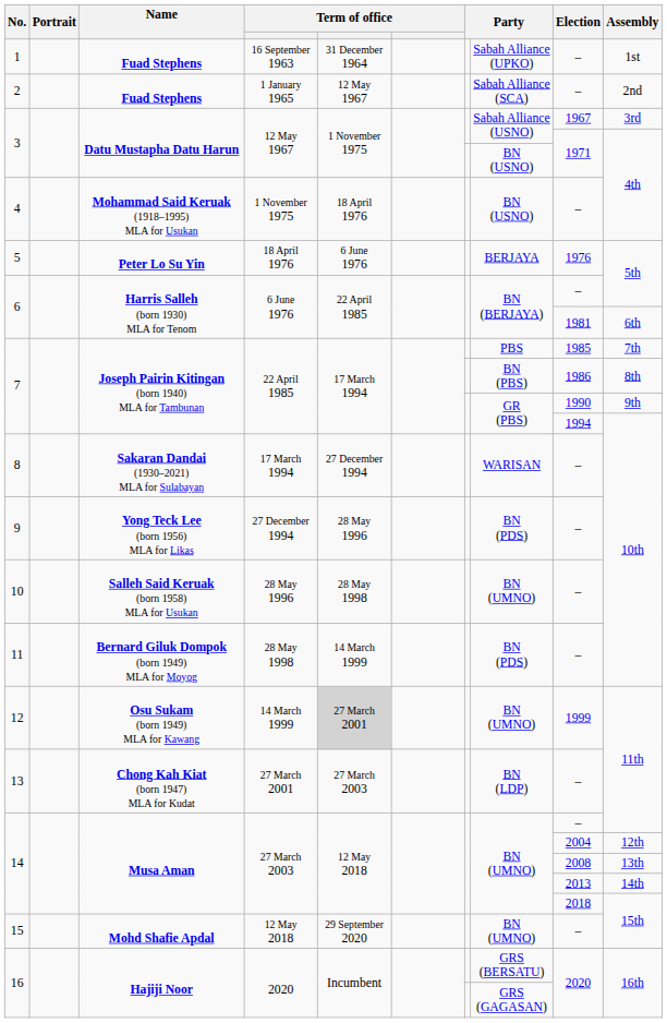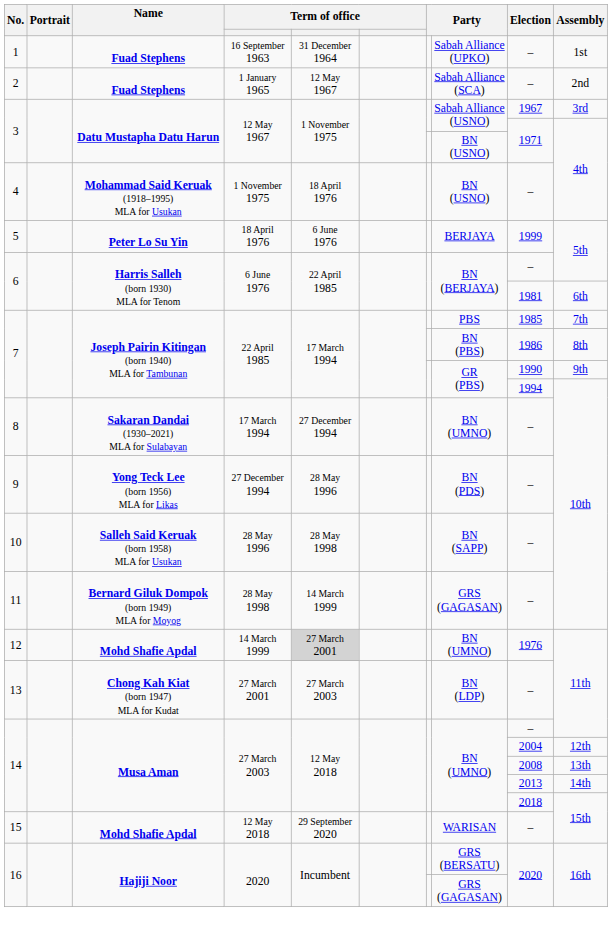 <table class="wikitable" style="text-align:center; border:1px #aaf solid;">
 <tr>
 <th rowspan="2">No.</th>
 <th rowspan="2">Portrait</th>
 <th rowspan="2" width="200">Name<br><br></th>
 <th colspan="3">Term of office</th>
 <th colspan="2" rowspan="2">Party</th>
 <th rowspan="2">Election</th>
 <th rowspan="2">Assembly</th>
 </tr>
 <tr>
 <th width="85"></th>
 <th width="85"></th>
 <th width="85"></th>
 </tr>
 <tr>
 <td>1</td>
 <td></td>
 <td><br><strong><a href='#'>Fuad Stephens</a></strong><br></td>
 <td><small>16 September</small><br>1963</td>
 <td><small>31 December</small><br>1964</td>
 <td></td>
 <td style="background:"></td>
 <td><a href='#'>Sabah Alliance</a><br>(<a href='#'>UPKO</a>)</td>
 <td>–</td>
 <td>1st</td>
 </tr>
 <tr>
 <td>2</td>
 <td></td>
 <td><br><strong><a href='#'>Fuad Stephens</a></strong><br></td>
 <td><small>1 January</small><br>1965</td>
 <td><small>12 May</small><br>1967</td>
 <td></td>
 <td style="background:"></td>
 <td><a href='#'>Sabah Alliance</a><br>(<a href='#'>SCA</a>)</td>
 <td>–</td>
 <td>2nd</td>
 </tr>
 <tr>
 <td rowspan="3">3</td>
 <td rowspan="3"></td>
 <td rowspan="3"><br><strong><a href='#'>Datu Mustapha Datu Harun</a></strong><br></td>
 <td rowspan="3"><small>12 May</small><br>1967</td>
 <td rowspan="3"><small>1 November</small><br>1975</td>
 <td rowspan="3"></td>
 <td rowspan="2" style="background:"></td>
 <td rowspan="2"><a href='#'>Sabah Alliance</a><br>(<a href='#'>USNO</a>)</td>
 <td><a href='#'>1967</a></td>
 <td><a href='#'>3rd</a></td>
 </tr>
 <tr>
 <td rowspan="2"><a href='#'>1971</a></td>
 <td rowspan="3"><a href='#'>4th</a></td>
 </tr>
 <tr>
 <td style="background:"></td>
 <td><a href='#'>BN</a><br>(<a href='#'>USNO</a>)</td>
 </tr>
 <tr>
 <td>4</td>
 <td></td>
 <td><br><strong><a href='#'>Mohammad Said Keruak</a></strong><br><small>(1918–1995)</small><br><small>MLA for <a href='#'>Usukan</a></small></td>
 <td><small>1 November</small><br>1975</td>
 <td><small>18 April</small><br>1976</td>
 <td></td>
 <td style="background:"></td>
 <td><a href='#'>BN</a><br>(<a href='#'>USNO</a>)</td>
 <td>–</td>
 </tr>
 <tr>
 <td>5</td>
 <td></td>
 <td><br><strong><a href='#'>Peter Lo Su Yin</a></strong><br></td>
 <td><small>18 April</small><br>1976</td>
 <td><small>6 June</small><br>1976</td>
 <td></td>
 <td style="background:"></td>
 <td><a href='#'>BERJAYA</a></td>
-<td><a href='#'>1976</a></td>
+<td><a href='#'>1999</a></td>
 <td rowspan="2"><a href='#'>5th</a></td>
 </tr>
 <tr>
 <td rowspan="2">6</td>
 <td rowspan="2"></td>
 <td rowspan="2"><br><strong><a href='#'>Harris Salleh</a></strong><br><small>(born 1930)</small><br><small>MLA for Tenom</small></td>
 <td rowspan="2"><small>6 June</small><br>1976</td>
 <td rowspan="2"><small>22 April</small><br>1985</td>
 <td rowspan="2"></td>
 <td rowspan="2" style="background:"></td>
 <td rowspan="2"><a href='#'>BN</a><br>(<a href='#'>BERJAYA</a>)</td>
 <td>–</td>
 </tr>
 <tr>
 <td><a href='#'>1981</a></td>
 <td><a href='#'>6th</a></td>
 </tr>
 <tr>
 <td rowspan="4">7</td>
 <td rowspan="4"></td>
 <td rowspan="4"><br><strong><a href='#'>Joseph Pairin Kitingan</a></strong><br><small>(born 1940)</small><br><small>MLA for <a href='#'>Tambunan</a></small></td>
 <td rowspan="4"><small>22 April</small><br>1985</td>
 <td rowspan="4"><small>17 March</small><br>1994</td>
 <td rowspan="4"></td>
 <td style="background:"></td>
 <td><a href='#'>PBS</a></td>
 <td><a href='#'>1985</a></td>
 <td><a href='#'>7th</a></td>
 </tr>
 <tr>
 <td style="background:"></td>
 <td><a href='#'>BN</a><br>(<a href='#'>PBS</a>)</td>
 <td><a href='#'>1986</a></td>
 <td><a href='#'>8th</a></td>
 </tr>
 <tr>
 <td rowspan="2" style="background:"></td>
 <td rowspan="2"><a href='#'>GR</a><br>(<a href='#'>PBS</a>)</td>
 <td><a href='#'>1990</a></td>
 <td><a href='#'>9th</a></td>
 </tr>
 <tr>
 <td><a href='#'>1994</a></td>
 <td rowspan="5"><a href='#'>10th</a></td>
 </tr>
 <tr>
 <td>8</td>
 <td></td>
 <td><br><strong><a href='#'>Sakaran Dandai</a></strong><br><small>(1930–2021)</small><br><small>MLA for <a href='#'>Sulabayan</a></small></td>
 <td><small>17 March</small><br>1994</td>
 <td><small>27 December</small><br>1994</td>
 <td></td>
 <td style="background:"></td>
-<td><a href='#'>WARISAN</a></td>
+<td><a href='#'>BN</a><br>(<a href='#'>UMNO</a>)</td>
 <td>–</td>
 </tr>
 <tr>
 <td>9</td>
 <td></td>
 <td><br><strong><a href='#'>Yong Teck Lee</a></strong><br><small>(born 1956)</small><br><small>MLA for <a href='#'>Likas</a></small></td>
 <td><small>27 December</small><br>1994</td>
 <td><small>28 May</small><br>1996</td>
 <td></td>
 <td style="background:"></td>
 <td><a href='#'>BN</a><br>(<a href='#'>PDS</a>)</td>
 <td>–</td>
 </tr>
 <tr>
 <td>10</td>
 <td></td>
 <td><br><strong><a href='#'>Salleh Said Keruak</a></strong><br><small>(born 1958)</small><br><small>MLA for <a href='#'>Usukan</a></small></td>
 <td><small>28 May</small><br>1996</td>
 <td><small>28 May</small><br>1998</td>
 <td></td>
 <td style="background:"></td>
-<td><a href='#'>BN</a><br>(<a href='#'>UMNO</a>)</td>
+<td><a href='#'>BN</a><br>(<a href='#'>SAPP</a>)</td>
 <td>–</td>
 </tr>
 <tr>
 <td>11</td>
 <td></td>
 <td><br><strong><a href='#'>Bernard Giluk Dompok</a></strong><br><small>(born 1949)</small><br><small>MLA for <a href='#'>Moyog</a></small></td>
 <td><small>28 May</small><br>1998</td>
 <td><small>14 March</small><br>1999</td>
 <td></td>
 <td style="background:"></td>
-<td><a href='#'>BN</a><br>(<a href='#'>PDS</a>)</td>
+<td><a href='#'>GRS</a><br>(<a href='#'>GAGASAN</a>)</td>
 <td>–</td>
 </tr>
 <tr>
 <td>12</td>
 <td></td>
-<td><br><strong><a href='#'>Osu Sukam</a></strong><br><small>(born 1949)</small><br><small>MLA for <a href='#'>Kawang</a></small></td>
+<td><br><strong><a href='#'>Mohd Shafie Apdal</a></strong><br></td>
 <td><small>14 March</small><br>1999</td>
 <td style="background: lightgrey;"><small>27 March</small><br>2001</td>
 <td></td>
 <td style="background:"></td>
 <td><a href='#'>BN</a><br>(<a href='#'>UMNO</a>)</td>
-<td><a href='#'>1999</a></td>
+<td><a href='#'>1976</a></td>
 <td rowspan="3"><a href='#'>11th</a></td>
 </tr>
 <tr>
 <td>13</td>
 <td></td>
 <td><br><strong><a href='#'>Chong Kah Kiat</a></strong><br><small>(born 1947)</small><br><small>MLA for Kudat</small></td>
 <td><small>27 March</small><br>2001</td>
 <td><small>27 March</small><br>2003</td>
 <td></td>
 <td style="background:"></td>
 <td><a href='#'>BN</a><br>(<a href='#'>LDP</a>)</td>
 <td>–</td>
 </tr>
 <tr>
 <td rowspan="5">14</td>
 <td rowspan="5"></td>
 <td rowspan="5"><br><strong><a href='#'>Musa Aman</a></strong><br></td>
 <td rowspan="5"><small>27 March</small><br>2003</td>
 <td rowspan="5"><small>12 May</small><br>2018</td>
 <td rowspan="5"></td>
 <td rowspan="5" style="background:"></td>
 <td rowspan="5"><a href='#'>BN</a><br>(<a href='#'>UMNO</a>)</td>
 <td>–</td>
 </tr>
 <tr>
 <td><a href='#'>2004</a></td>
 <td><a href='#'>12th</a></td>
 </tr>
 <tr>
 <td><a href='#'>2008</a></td>
 <td><a href='#'>13th</a></td>
 </tr>
 <tr>
 <td><a href='#'>2013</a></td>
 <td><a href='#'>14th</a></td>
 </tr>
 <tr>
 <td><a href='#'>2018</a></td>
 <td rowspan="2"><a href='#'>15th</a></td>
 </tr>
 <tr>
 <td>15</td>
 <td></td>
 <td><br><strong><a href='#'>Mohd Shafie Apdal</a></strong><br></td>
 <td><small>12 May</small><br>2018</td>
 <td><small>29 September</small><br>2020</td>
 <td></td>
 <td style="background:"></td>
-<td><a href='#'>BN</a><br>(<a href='#'>UMNO</a>)</td>
+<td><a href='#'>WARISAN</a></td>
 <td>–</td>
 </tr>
 <tr>
 <td rowspan="2">16</td>
 <td rowspan="2"></td>
 <td rowspan="2"><br><strong><a href='#'>Hajiji Noor</a></strong><br></td>
 <td rowspan="2"><br>2020</td>
 <td rowspan="2">Incumbent</td>
 <td rowspan="2"></td>
 <td style="background:"></td>
 <td><a href='#'>GRS</a><br>(<a href='#'>BERSATU</a>)</td>
 <td rowspan="2"><a href='#'>2020</a></td>
 <td rowspan="2"><a href='#'>16th</a></td>
 </tr>
 <tr>
 <td style="background:"></td>
 <td><a href='#'>GRS</a><br>(<a href='#'>GAGASAN</a>)</td>
 </tr>
 </table>
